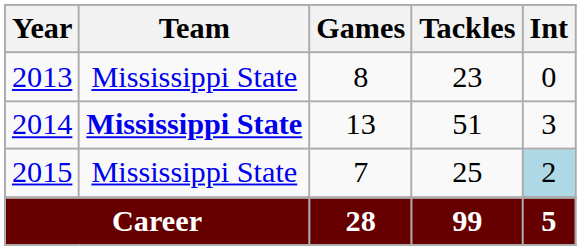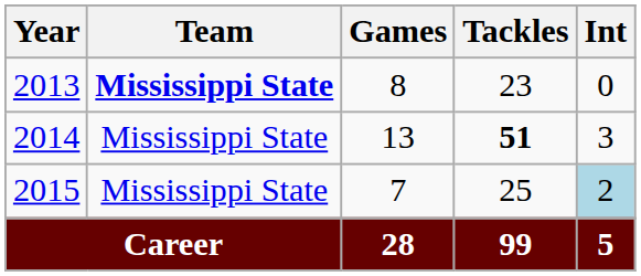 <table class="wikitable" style="text-align:center;">
 <tr>
 <th>Year</th>
 <th>Team</th>
 <th>Games</th>
 <th>Tackles</th>
 <th>Int</th>
 </tr>
 <tr>
 <td><a href='#'>2013</a></td>
-<td><a href='#'>Mississippi State</a></td>
+<td><strong><a href='#'>Mississippi State</a></strong></td>
 <td>8</td>
 <td>23</td>
 <td>0</td>
 </tr>
 <tr>
 <td><a href='#'>2014</a></td>
-<td><strong><a href='#'>Mississippi State</a></strong></td>
+<td><a href='#'>Mississippi State</a></td>
 <td>13</td>
-<td>51</td>
+<td><strong>51</strong></td>
 <td>3</td>
 </tr>
 <tr>
 <td><a href='#'>2015</a></td>
 <td><a href='#'>Mississippi State</a></td>
 <td>7</td>
 <td>25</td>
 <td style="background: lightblue;">2</td>
 </tr>
 <tr>
 </tr>
 <tr style="background:#660000; font-weight:bold; color:white;">
 <td colspan=2>Career</td>
 <td>28</td>
 <td>99</td>
 <td>5</td>
 </tr>
 </table>
